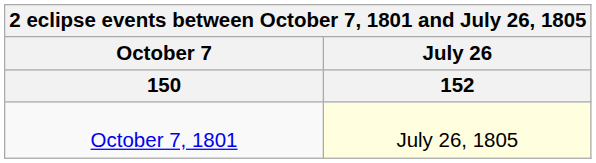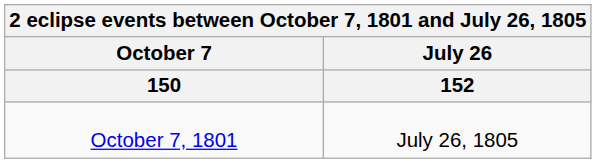 <table class="wikitable mw-collapsible mw-collapsed">
 <tr>
 <th colspan=5>2 eclipse events between October 7, 1801 and July 26, 1805</th>
 </tr>
 <tr>
 <th>October 7</th>
 <th>July 26</th>
 </tr>
 <tr>
 <th>150</th>
 <th>152</th>
 </tr>
 <tr style="text-align:center;">
 <td><br><a href='#'>October 7, 1801</a></td>
-<td style="background: lightyellow;"><br>July 26, 1805</td>
+<td><br>July 26, 1805</td>
 </tr>
 </table>
